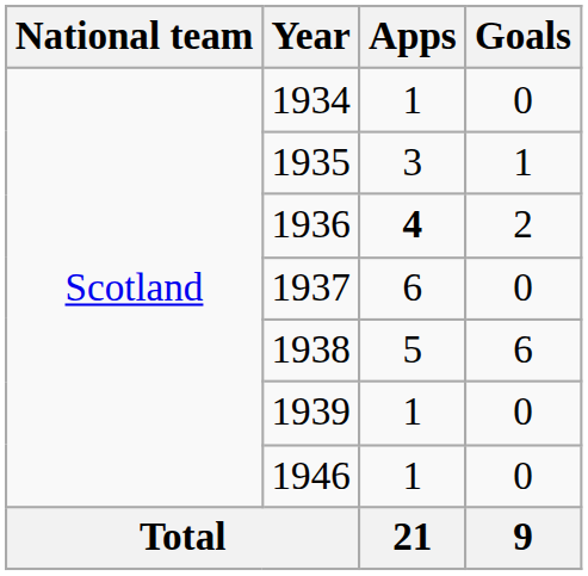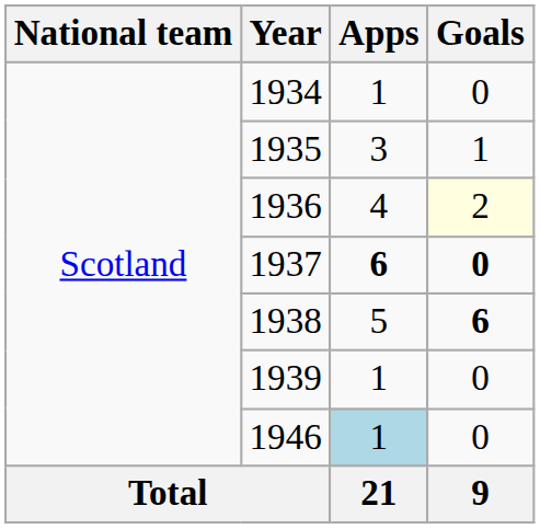 <table class=wikitable style="text-align:center">
 <tr>
 <th>National team</th>
 <th>Year</th>
 <th>Apps</th>
 <th>Goals</th>
 </tr>
 <tr>
 <td rowspan="7"><a href='#'>Scotland</a></td>
 <td>1934</td>
 <td>1</td>
 <td>0</td>
 </tr>
 <tr>
 <td>1935</td>
 <td>3</td>
 <td>1</td>
 </tr>
 <tr>
 <td>1936</td>
-<td><strong>4</strong></td>
-<td>2</td>
+<td>4</td>
+<td style="background: lightyellow;">2</td>
 </tr>
 <tr>
 <td>1937</td>
-<td>6</td>
-<td>0</td>
+<td><strong>6</strong></td>
+<td><strong>0</strong></td>
 </tr>
 <tr>
 <td>1938</td>
 <td>5</td>
-<td>6</td>
+<td><strong>6</strong></td>
 </tr>
 <tr>
 <td>1939</td>
 <td>1</td>
 <td>0</td>
 </tr>
 <tr>
 <td>1946</td>
-<td>1</td>
+<td style="background: lightblue;">1</td>
 <td>0</td>
 </tr>
 <tr>
 <th colspan="2">Total</th>
 <th>21</th>
 <th>9</th>
 </tr>
 </table>
